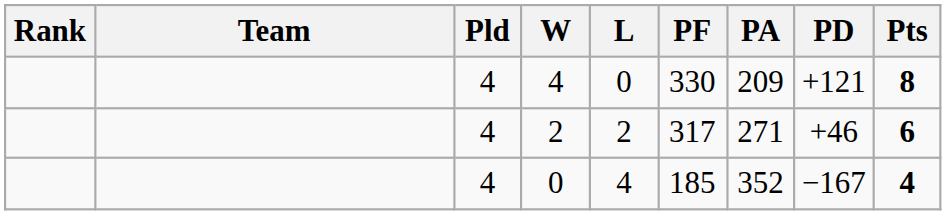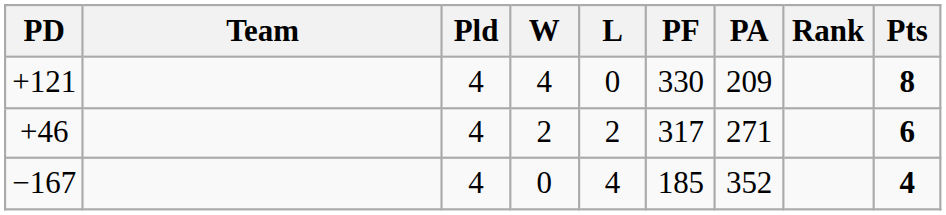 <table class="wikitable" style="text-align: center; font-size:90% ">
 <tr>
-<th width=35>Rank</th>
+<th width=25>PD</th>
 <th width=160>Team</th>
 <th width=25>Pld</th>
 <th width=25>W</th>
 <th width=25>L</th>
 <th width=25>PF</th>
 <th width=25>PA</th>
-<th width=25>PD</th>
+<th width=35>Rank</th>
 <th width=25>Pts</th>
 </tr>
 <tr>
-<td></td>
+<td>+121</td>
 <td align="left"></td>
 <td>4</td>
 <td>4</td>
 <td>0</td>
 <td>330</td>
 <td>209</td>
-<td>+121</td>
+<td></td>
 <td><strong>8</strong></td>
 </tr>
 <tr>
-<td></td>
+<td>+46</td>
 <td align="left"></td>
 <td>4</td>
 <td>2</td>
 <td>2</td>
 <td>317</td>
 <td>271</td>
-<td>+46</td>
+<td></td>
 <td><strong>6</strong></td>
 </tr>
 <tr>
-<td></td>
+<td>−167</td>
 <td align="left"></td>
 <td>4</td>
 <td>0</td>
 <td>4</td>
 <td>185</td>
 <td>352</td>
-<td>−167</td>
+<td></td>
 <td><strong>4</strong></td>
 </tr>
 </table>
